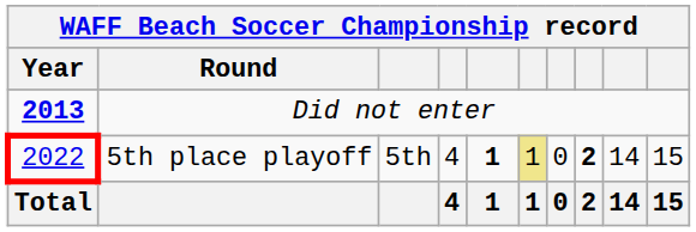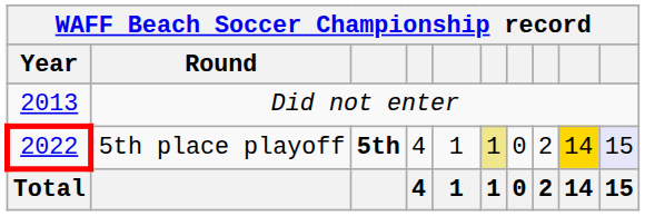 <table class="wikitable" style="text-align: center;">
 <tr>
 <th colspan=11><a href='#'>WAFF Beach Soccer Championship</a> record</th>
 </tr>
 <tr>
 <th>Year</th>
 <th>Round</th>
 <th></th>
 <th></th>
 <th width=20></th>
 <th></th>
 <th></th>
 <th></th>
 <th></th>
 <th></th>
 </tr>
 <tr>
-<td><strong> <a href='#'>2013</a></strong></td>
+<td> <a href='#'>2013</a></td>
 <td colspan=9><em>Did not enter</em></td>
 </tr>
 <tr>
 <td style="border: 3px solid red"> <a href='#'>2022</a></td>
 <td>5th place playoff</td>
-<td>5th</td>
+<td><strong>5th</strong></td>
 <td>4</td>
-<td><strong>1</strong></td>
+<td>1</td>
 <td style="background: khaki;">1</td>
 <td>0</td>
-<td><strong>2</strong></td>
-<td>14</td>
-<td>15</td>
+<td>2</td>
+<td style="background: gold;">14</td>
+<td style="background: lavender;">15</td>
 </tr>
 <tr>
 <th>Total</th>
 <th></th>
 <th></th>
 <th>4</th>
 <th>1</th>
 <th>1</th>
 <th>0</th>
 <th>2</th>
 <th>14</th>
 <th>15</th>
 </tr>
 </table>
